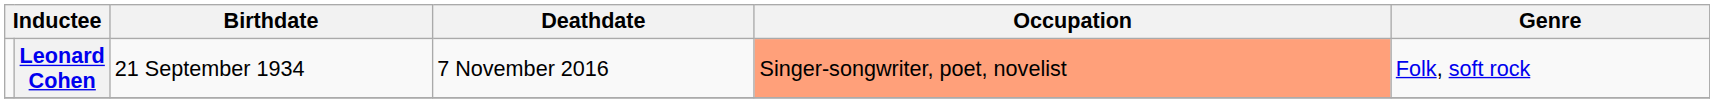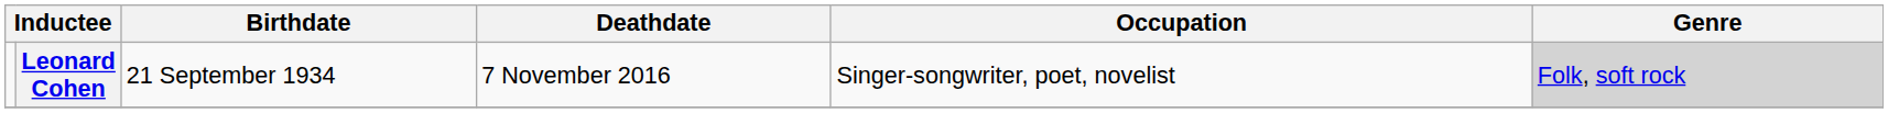 <table class="wikitable" width="100%">
 <tr>
 <th colspan=2>Inductee</th>
 <th width="20%">Birthdate</th>
 <th width="20%">Deathdate</th>
 <th width="40%">Occupation</th>
 <th width="40%">Genre</th>
 </tr>
 <tr>
 <td></td>
 <th><a href='#'>Leonard Cohen</a></th>
 <td>21 September 1934</td>
 <td>7 November 2016</td>
-<td style="background: lightsalmon;">Singer-songwriter, poet, novelist</td>
-<td><a href='#'>Folk</a>, <a href='#'>soft rock</a></td>
+<td>Singer-songwriter, poet, novelist</td>
+<td style="background: lightgrey;"><a href='#'>Folk</a>, <a href='#'>soft rock</a></td>
 </tr>
 <tr>
 </tr>
 </table>
